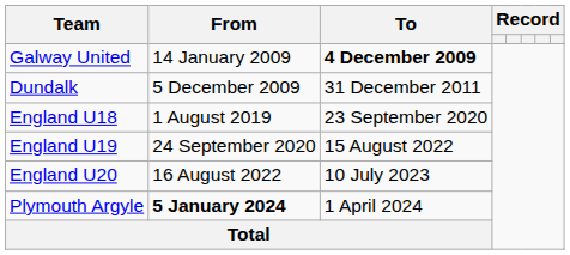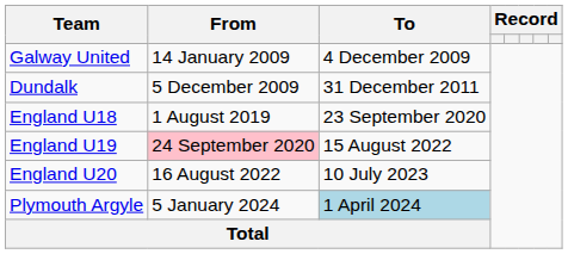 <table class="wikitable" style="text-align: center;">
 <tr>
 <th rowspan="2">Team</th>
 <th rowspan="2">From</th>
 <th rowspan="2">To</th>
 <th colspan="5">Record</th>
 </tr>
 <tr>
 <th></th>
 <th></th>
 <th></th>
 <th></th>
 <th></th>
 </tr>
 <tr>
 <td align="left"><a href='#'>Galway United</a></td>
 <td align="left">14 January 2009</td>
-<td align="left"><strong>4 December 2009<br></strong></td>
+<td align="left">4 December 2009<br></td>
 </tr>
 <tr>
 <td align="left"><a href='#'>Dundalk</a></td>
 <td align="left">5 December 2009</td>
 <td align="left">31 December 2011<br></td>
 </tr>
 <tr>
 <td align="left"><a href='#'>England U18</a></td>
 <td align="left">1 August 2019</td>
 <td align="left">23 September 2020<br></td>
 </tr>
 <tr>
 <td align="left"><a href='#'>England U19</a></td>
-<td align="left">24 September 2020</td>
+<td align="left" style="background: pink;">24 September 2020</td>
 <td align="left">15 August 2022<br></td>
 </tr>
 <tr>
 <td align="left"><a href='#'>England U20</a></td>
 <td align="left">16 August 2022</td>
 <td align="left">10 July 2023<br></td>
 </tr>
 <tr>
 <td align="left"><a href='#'>Plymouth Argyle</a></td>
-<td align="left"><strong>5 January 2024</strong></td>
-<td align="left">1 April 2024<br></td>
+<td align="left">5 January 2024</td>
+<td align="left" style="background: lightblue;">1 April 2024<br></td>
 </tr>
 <tr>
 <th colspan="3">Total<br></th>
 </tr>
 </table>
